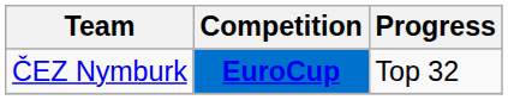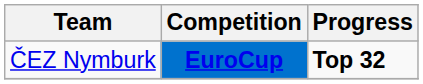 <table class="wikitable sortable">
 <tr>
 <th>Team</th>
 <th>Competition</th>
 <th>Progress</th>
 </tr>
 <tr>
 <td><a href='#'>ČEZ Nymburk</a></td>
 <td rowspan="1" style="background-color:#0072CE;color:white;text-align:center"><strong><a href='#'><span>EuroCup</span></a></strong></td>
-<td>Top 32</td>
+<td><strong>Top 32</strong></td>
 </tr>
 <tr>
 </tr>
 </table>
